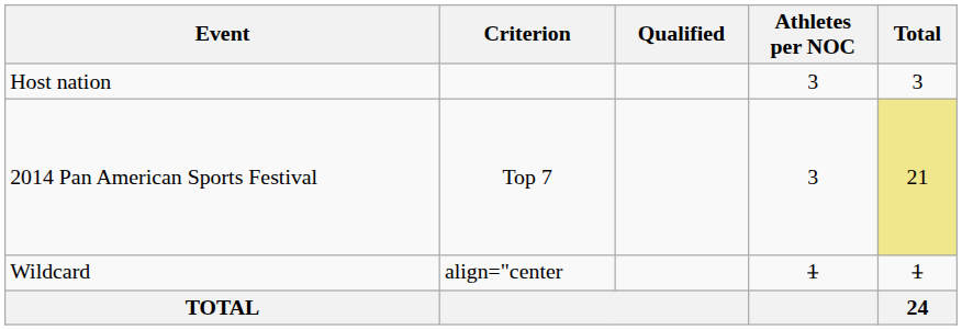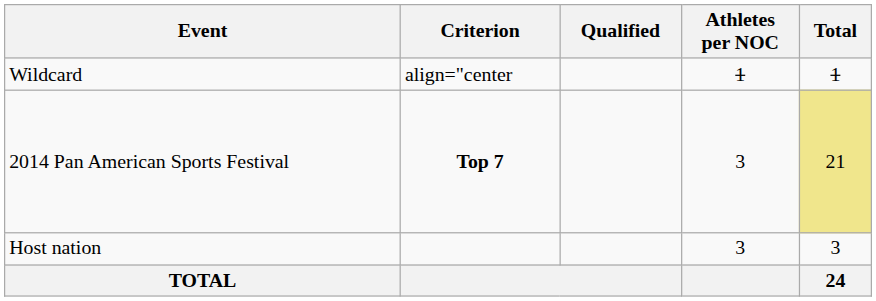 <table class="wikitable" width=700>
 <tr>
 <th>Event</th>
 <th>Criterion</th>
 <th>Qualified</th>
 <th>Athletes<br> per NOC</th>
 <th>Total</th>
 </tr>
 <tr>
+<td>Wildcard</td>
+<td>align="center </td>
+<td><s></s></td>
+<td align="center"><s>1</s></td>
+<td align="center"><s>1</s></td>
+</tr>
+<tr>
+<td>2014 Pan American Sports Festival</td>
+<td align="center"><strong>Top 7</strong></td>
+<td><br><br><br><br><br><br></td>
+<td align="center">3</td>
+<td align="center" style="background: khaki;">21</td>
+</tr>
+<tr>
 <td>Host nation</td>
 <td></td>
 <td></td>
 <td align="center">3</td>
 <td align="center">3</td>
-</tr>
-<tr>
-<td>2014 Pan American Sports Festival</td>
-<td align="center">Top 7</td>
-<td><br><br><br><br><br><br></td>
-<td align="center">3</td>
-<td align="center" style="background: khaki;">21</td>
-</tr>
-<tr>
-<td>Wildcard</td>
-<td>align="center </td>
-<td><s></s></td>
-<td align="center"><s>1</s></td>
-<td align="center"><s>1</s></td>
 </tr>
 <tr>
 <th>TOTAL</th>
 <th colspan="2"></th>
 <th></th>
 <th>24</th>
 </tr>
 </table>
